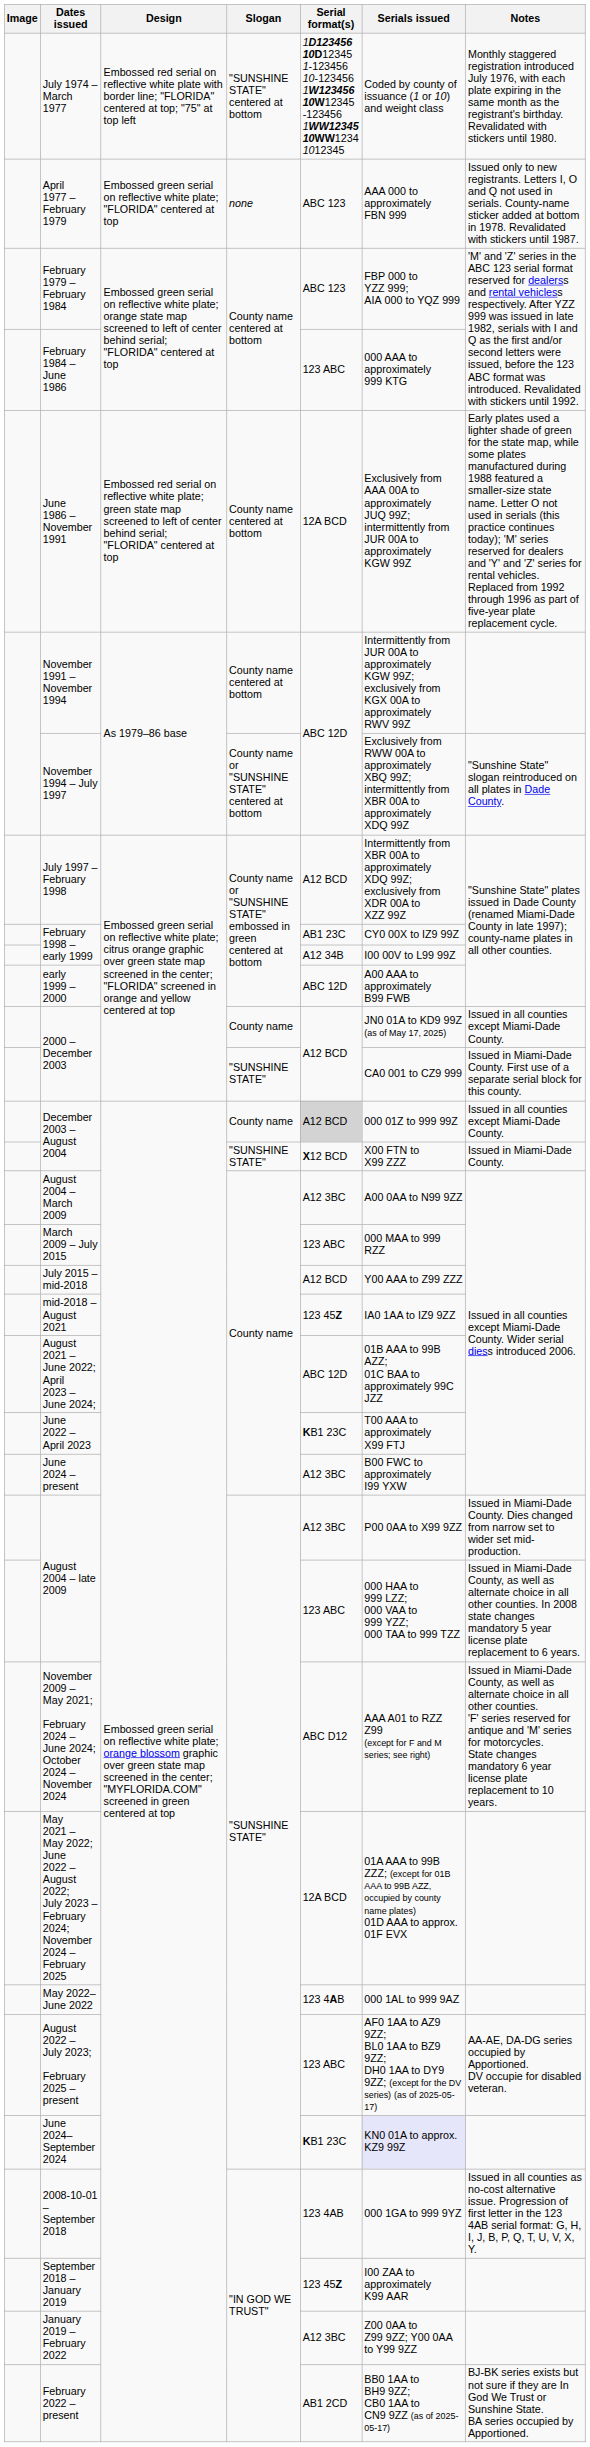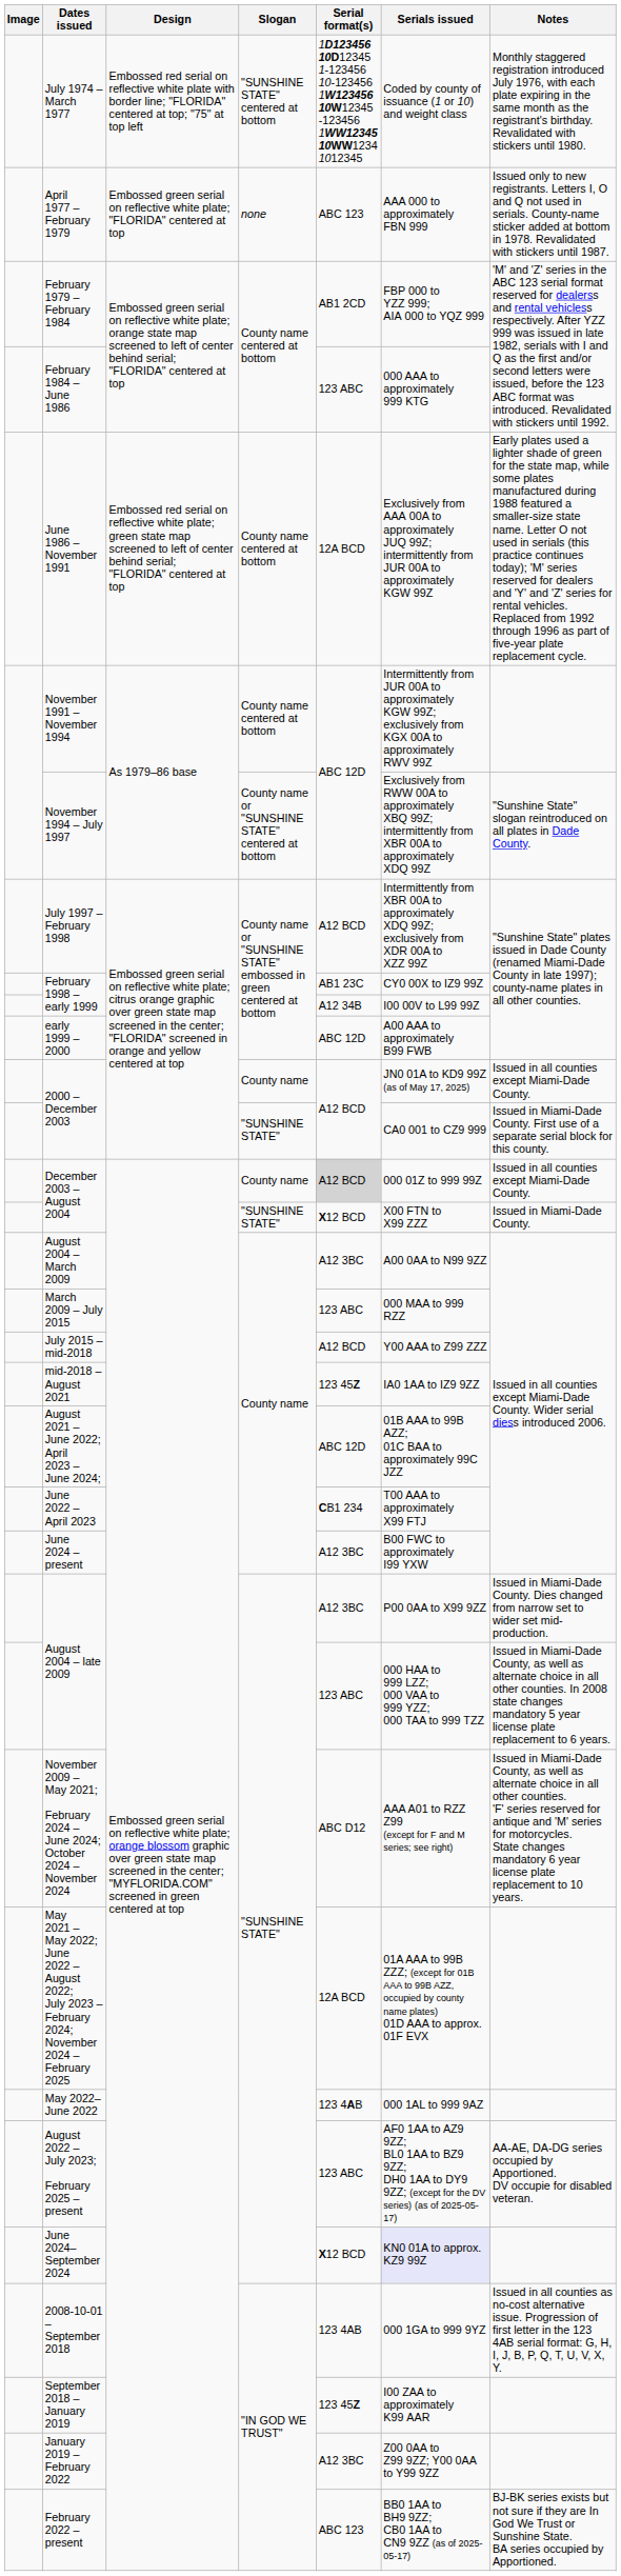 <table class=wikitable>
 <tr>
 <th>Image</th>
 <th>Dates issued</th>
 <th>Design</th>
 <th>Slogan</th>
 <th>Serial format(s)</th>
 <th>Serials issued</th>
 <th>Notes</th>
 </tr>
 <tr>
 <td></td>
 <td>July 1974 – March 1977</td>
 <td>Embossed red serial on reflective white plate with border line; "FLORIDA" centered at top; "75" at top left</td>
 <td>"SUNSHINE STATE" centered at bottom</td>
 <td><em>1<strong><em>D<strong>123456<br></em>10</em></strong>D</strong>12345<br><em>1</em>-123456<br><em>10</em>-123456<br><em>1<strong><em>W<strong>123456<br></em>10</em></strong>W</strong>12345<br>-123456<br><em>1<strong><em>WW<strong>12345<br></em>10</em></strong>WW</strong>1234<br><em>10</em>12345</td>
 <td>Coded by county of issuance (<em>1</em> or <em>10</em>) and weight class</td>
 <td>Monthly staggered registration introduced July 1976, with each plate expiring in the same month as the registrant's birthday. Revalidated with stickers until 1980.</td>
 </tr>
 <tr>
 <td></td>
 <td>April 1977 – February 1979</td>
 <td>Embossed green serial on reflective white plate; "FLORIDA" centered at top</td>
 <td><em>none</em></td>
 <td>ABC 123</td>
 <td>AAA 000 to approximately FBN 999</td>
 <td>Issued only to new registrants. Letters I, O and Q not used in serials. County-name sticker added at bottom in 1978. Revalidated with stickers until 1987.</td>
 </tr>
 <tr>
 <td></td>
 <td>February 1979 – February 1984</td>
 <td rowspan="2">Embossed green serial on reflective white plate; orange state map screened to left of center behind serial; "FLORIDA" centered at top</td>
 <td rowspan="2">County name centered at bottom</td>
-<td>ABC 123</td>
+<td>AB1 2CD</td>
 <td>FBP 000 to YZZ 999;<br>AIA 000 to YQZ 999</td>
 <td rowspan="2">'M' and 'Z' series in the ABC 123 serial format reserved for <a href='#'>dealers</a>s and <a href='#'>rental vehicles</a>s respectively. After YZZ 999 was issued in late 1982, serials with I and Q as the first and/or second letters were issued, before the 123 ABC format was introduced. Revalidated with stickers until 1992.</td>
 </tr>
 <tr>
 <td></td>
 <td>February 1984 – June<br>1986</td>
 <td>123 ABC</td>
 <td>000 AAA to approximately 999 KTG</td>
 </tr>
 <tr>
 <td></td>
 <td>June 1986 – November 1991</td>
 <td>Embossed red serial on reflective white plate; green state map screened to left of center behind serial; "FLORIDA" centered at top</td>
 <td>County name centered at bottom</td>
 <td>12A BCD</td>
 <td>Exclusively from AAA 00A to approximately JUQ 99Z; intermittently from JUR 00A to approximately KGW 99Z</td>
 <td>Early plates used a lighter shade of green for the state map, while some plates manufactured during 1988 featured a smaller-size state name. Letter O not used in serials (this practice continues today); 'M' series reserved for dealers and 'Y' and 'Z' series for rental vehicles. Replaced from 1992 through 1996 as part of five-year plate replacement cycle.</td>
 </tr>
 <tr>
 <td rowspan="2"></td>
 <td>November 1991 – November 1994</td>
 <td rowspan="2">As 1979–86 base</td>
 <td>County name centered at bottom</td>
 <td rowspan="2">ABC 12D</td>
 <td>Intermittently from JUR 00A to approximately KGW 99Z; exclusively from KGX 00A to approximately RWV 99Z</td>
 <td></td>
 </tr>
 <tr>
 <td>November 1994 – July<br>1997</td>
 <td>County name or "SUNSHINE STATE" centered at bottom</td>
 <td>Exclusively from RWW 00A to approximately XBQ 99Z; intermittently from XBR 00A to approximately XDQ 99Z</td>
 <td>"Sunshine State" slogan reintroduced on all plates in <a href='#'>Dade County</a>.</td>
 </tr>
 <tr>
 <td></td>
 <td>July 1997 – February 1998</td>
 <td rowspan="6">Embossed green serial on reflective white plate; citrus orange graphic over green state map screened in the center; "FLORIDA" screened in orange and yellow centered at top</td>
 <td rowspan="4">County name or "SUNSHINE STATE" embossed in green centered at bottom</td>
 <td>A12 BCD</td>
 <td>Intermittently from XBR 00A to approximately XDQ 99Z; exclusively from XDR 00A to XZZ 99Z</td>
 <td rowspan="4">"Sunshine State" plates issued in Dade County (renamed Miami-Dade County in late 1997); county-name plates in all other counties.</td>
 </tr>
 <tr>
 <td></td>
 <td rowspan="2">February 1998 – early 1999</td>
 <td>AB1 23C</td>
 <td>CY0 00X to IZ9 99Z</td>
 </tr>
 <tr>
 <td></td>
 <td>A12 34B</td>
 <td>I00 00V to L99 99Z</td>
 </tr>
 <tr>
 <td></td>
 <td>early 1999 – 2000</td>
 <td>ABC 12D</td>
 <td>A00 AAA to approximately B99 FWB</td>
 </tr>
 <tr>
 <td></td>
 <td rowspan="2">2000 – December 2003</td>
 <td>County name</td>
 <td rowspan="2">A12 BCD</td>
 <td>JN0 01A to KD9 99Z <small>(as of May 17, 2025)</small></td>
 <td>Issued in all counties except Miami-Dade County.</td>
 </tr>
 <tr>
 <td></td>
 <td>"SUNSHINE STATE"</td>
 <td>CA0 001 to CZ9 999</td>
 <td>Issued in Miami-Dade County. First use of a separate serial block for this county.</td>
 </tr>
 <tr>
 <td></td>
 <td rowspan="2">December 2003 – August 2004</td>
 <td rowspan="20">Embossed green serial on reflective white plate; <a href='#'>orange blossom</a> graphic over green state map screened in the center; "MYFLORIDA.COM" screened in green centered at top</td>
 <td>County name</td>
 <td style="background: lightgrey;">A12 BCD</td>
 <td>000 01Z to 999 99Z</td>
 <td>Issued in all counties except Miami-Dade County.</td>
 </tr>
 <tr>
 <td></td>
 <td>"SUNSHINE STATE"</td>
 <td><strong>X</strong>12 BCD</td>
 <td>X00 FTN to X99 ZZZ</td>
 <td>Issued in Miami-Dade County.</td>
 </tr>
 <tr>
 <td></td>
 <td>August 2004 – March 2009</td>
 <td rowspan="7">County name</td>
 <td>A12 3BC</td>
 <td>A00 0AA to N99 9ZZ</td>
 <td rowspan="7">Issued in all counties except Miami-Dade County. Wider serial <a href='#'>dies</a>s introduced 2006.</td>
 </tr>
 <tr>
 <td></td>
 <td>March 2009 – July<br>2015</td>
 <td>123 ABC</td>
 <td>000 MAA to 999 RZZ</td>
 </tr>
 <tr>
 <td></td>
 <td>July 2015 – mid-2018</td>
 <td>A12 BCD</td>
 <td>Y00 AAA to Z99 ZZZ</td>
 </tr>
 <tr>
 <td></td>
 <td>mid-2018 –August 2021</td>
 <td>123 45<strong>Z</strong></td>
 <td>IA0 1AA to IZ9 9ZZ</td>
 </tr>
 <tr>
 <td></td>
 <td>August 2021 – June 2022;<br>April 2023 – June 2024;</td>
 <td>ABC 12D</td>
 <td>01B AAA to 99B AZZ;<br>01C BAA to approximately 99C JZZ</td>
 </tr>
 <tr>
 <td></td>
 <td>June 2022 – April 2023</td>
-<td><strong>K</strong>B1 23C</td>
+<td><strong>C</strong>B1 234</td>
 <td>T00 AAA to approximately X99 FTJ</td>
 </tr>
 <tr>
 <td></td>
 <td>June 2024 – present</td>
 <td>A12 3BC</td>
 <td>B00 FWC to approximately I99 YXW</td>
 </tr>
 <tr>
 <td></td>
 <td rowspan="2">August 2004 – late<br>2009</td>
 <td rowspan="7">"SUNSHINE STATE"</td>
 <td>A12 3BC</td>
 <td>P00 0AA to X99 9ZZ</td>
 <td>Issued in Miami-Dade County. Dies changed from narrow set to wider set mid-production.</td>
 </tr>
 <tr>
 <td></td>
 <td>123 ABC</td>
 <td>000 HAA to 999 LZZ;<br>000 VAA to 999 YZZ;<br>000 TAA to 999 TZZ</td>
 <td>Issued in Miami-Dade County, as well as alternate choice in all other counties. In 2008 state changes mandatory 5 year license plate replacement to 6 years.</td>
 </tr>
 <tr>
 <td></td>
 <td>November 2009 – May 2021;<br><br>February 2024 – June 2024;<br> October 2024 – November 2024</td>
 <td>ABC D12</td>
 <td>AAA A01 to RZZ Z99<small><br>(except for F and M series; see right)</small></td>
 <td>Issued in Miami-Dade County, as well as alternate choice in all other counties.<br>'F' series reserved for antique and 'M' series for motorcycles.<br>State changes mandatory 6 year license plate replacement to 10 years.</td>
 </tr>
 <tr>
 <td></td>
 <td>May 2021 – May 2022;<br>June 2022 –August 2022;<br>July 2023 – February 2024;<br> November 2024 – February 2025</td>
 <td>12A BCD</td>
 <td>01A AAA to 99B ZZZ; <small>(except for 01B AAA to 99B AZZ, occupied by county name plates)</small><br>01D AAA to approx. 01F EVX</td>
 <td></td>
 </tr>
 <tr>
 <td></td>
 <td>May 2022–June 2022</td>
 <td>123 4<strong>A</strong>B</td>
 <td>000 1AL to 999 9AZ</td>
 <td></td>
 </tr>
 <tr>
 <td></td>
 <td>August 2022 –July 2023;<br><br>February 2025 –present</td>
 <td>123 ABC</td>
 <td>AF0 1AA to AZ9 9ZZ;<br>BL0 1AA to BZ9 9ZZ;<br>DH0 1AA to DY9 9ZZ; <small>(except for the DV series)</small> <small>(as of 2025-05-17)</small></td>
 <td>AA-AE, DA-DG series occupied by Apportioned.<br>DV occupie for disabled veteran.</td>
 </tr>
 <tr>
 <td></td>
 <td>June 2024–September 2024</td>
-<td><strong>K</strong>B1 23C</td>
+<td><strong>X</strong>12 BCD</td>
 <td style="background: lavender;">KN0 01A to approx. KZ9 99Z</td>
 <td></td>
 </tr>
 <tr>
 <td></td>
 <td>2008-10-01 – September 2018</td>
 <td rowspan="4">"IN GOD WE TRUST"</td>
 <td>123 4AB</td>
 <td>000 1GA to 999 9YZ</td>
 <td>Issued in all counties as no-cost alternative issue. Progression of first letter in the 123 4AB serial format: G, H, I, J, B, P, Q, T, U, V, X, Y.</td>
 </tr>
 <tr>
 <td></td>
 <td>September 2018 –January 2019</td>
 <td>123 45<strong>Z</strong></td>
 <td>I00 ZAA to approximately K99 AAR</td>
 <td></td>
 </tr>
 <tr>
 <td></td>
 <td>January 2019 –February 2022</td>
 <td>A12 3BC</td>
 <td>Z00 0AA to Z99 9ZZ; Y00 0AA to Y99 9ZZ</td>
 <td></td>
 </tr>
 <tr>
 <td></td>
 <td>February 2022 –present</td>
-<td>AB1 2CD</td>
+<td>ABC 123</td>
 <td>BB0 1AA to BH9 9ZZ;<br>CB0 1AA to CN9 9ZZ <small>(as of 2025-05-17)</small></td>
 <td>BJ-BK series exists but not sure if they are In God We Trust or Sunshine State.<br>BA series occupied by Apportioned.</td>
 </tr>
 </table>
